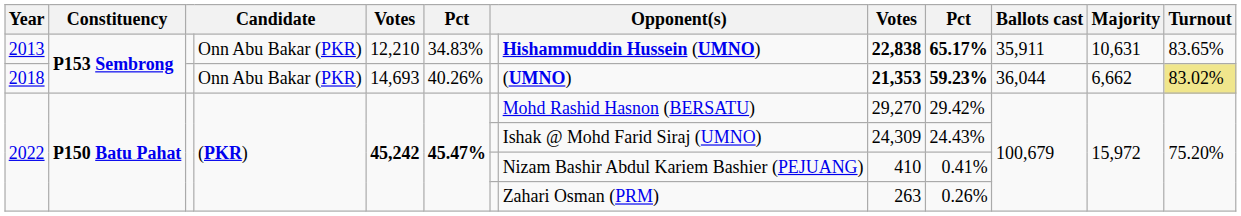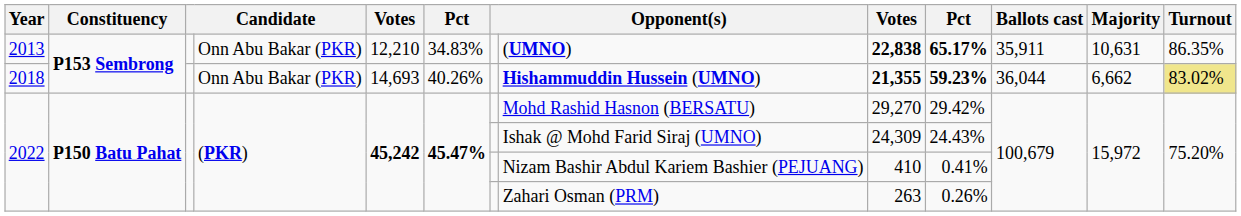 <table class="wikitable" style="margin:0.5em ; font-size:95%">
 <tr>
 <th>Year</th>
 <th>Constituency</th>
 <th colspan=2>Candidate</th>
 <th>Votes</th>
 <th>Pct</th>
 <th colspan=2>Opponent(s)</th>
 <th>Votes</th>
 <th>Pct</th>
 <th>Ballots cast</th>
 <th>Majority</th>
 <th>Turnout</th>
 </tr>
 <tr>
 <td><a href='#'>2013</a></td>
 <td rowspan=2><strong>P153 <a href='#'>Sembrong</a></strong></td>
 <td></td>
 <td>Onn Abu Bakar (<a href='#'>PKR</a>)</td>
 <td align="right">12,210</td>
 <td>34.83%</td>
 <td></td>
-<td><strong><a href='#'>Hishammuddin Hussein</a></strong>  (<a href='#'><strong>UMNO</strong></a>)</td>
+<td> (<a href='#'><strong>UMNO</strong></a>)</td>
 <td align="right"><strong>22,838</strong></td>
 <td><strong>65.17%</strong></td>
 <td>35,911</td>
 <td>10,631</td>
-<td>83.65%</td>
+<td>86.35%</td>
 </tr>
 <tr>
 <td><a href='#'>2018</a></td>
 <td></td>
 <td>Onn Abu Bakar (<a href='#'>PKR</a>)</td>
 <td align="right">14,693</td>
 <td>40.26%</td>
 <td></td>
-<td> (<a href='#'><strong>UMNO</strong></a>)</td>
-<td align="right"><strong>21,353</strong></td>
+<td><strong><a href='#'>Hishammuddin Hussein</a></strong>  (<a href='#'><strong>UMNO</strong></a>)</td>
+<td align="right"><strong>21,355</strong></td>
 <td><strong>59.23%</strong></td>
 <td>36,044</td>
 <td>6,662</td>
 <td style="background: khaki;">83.02%</td>
 </tr>
 <tr>
 <td rowspan="4"><a href='#'>2022</a></td>
 <td rowspan="4"><strong>P150 <a href='#'>Batu Pahat</a></strong></td>
 <td rowspan="4" ></td>
 <td rowspan="4"> (<a href='#'><strong>PKR</strong></a>)</td>
 <td rowspan="4" align="right"><strong>45,242</strong></td>
 <td rowspan="4"><strong>45.47%</strong></td>
 <td bgcolor=></td>
 <td><a href='#'>Mohd Rashid Hasnon</a> (<a href='#'>BERSATU</a>)</td>
 <td align="right">29,270</td>
 <td>29.42%</td>
 <td rowspan="4">100,679</td>
 <td rowspan="4">15,972</td>
 <td rowspan="4">75.20%</td>
 </tr>
 <tr>
 <td></td>
 <td>Ishak @ Mohd Farid Siraj (<a href='#'>UMNO</a>)</td>
 <td align="right">24,309</td>
 <td>24.43%</td>
 </tr>
 <tr>
 <td></td>
 <td>Nizam Bashir Abdul Kariem Bashier (<a href='#'>PEJUANG</a>)</td>
 <td align="right">410</td>
 <td align="right">0.41%</td>
 </tr>
 <tr>
 <td></td>
 <td>Zahari Osman (<a href='#'>PRM</a>)</td>
 <td align="right">263</td>
 <td align="right">0.26%</td>
 </tr>
 </table>
